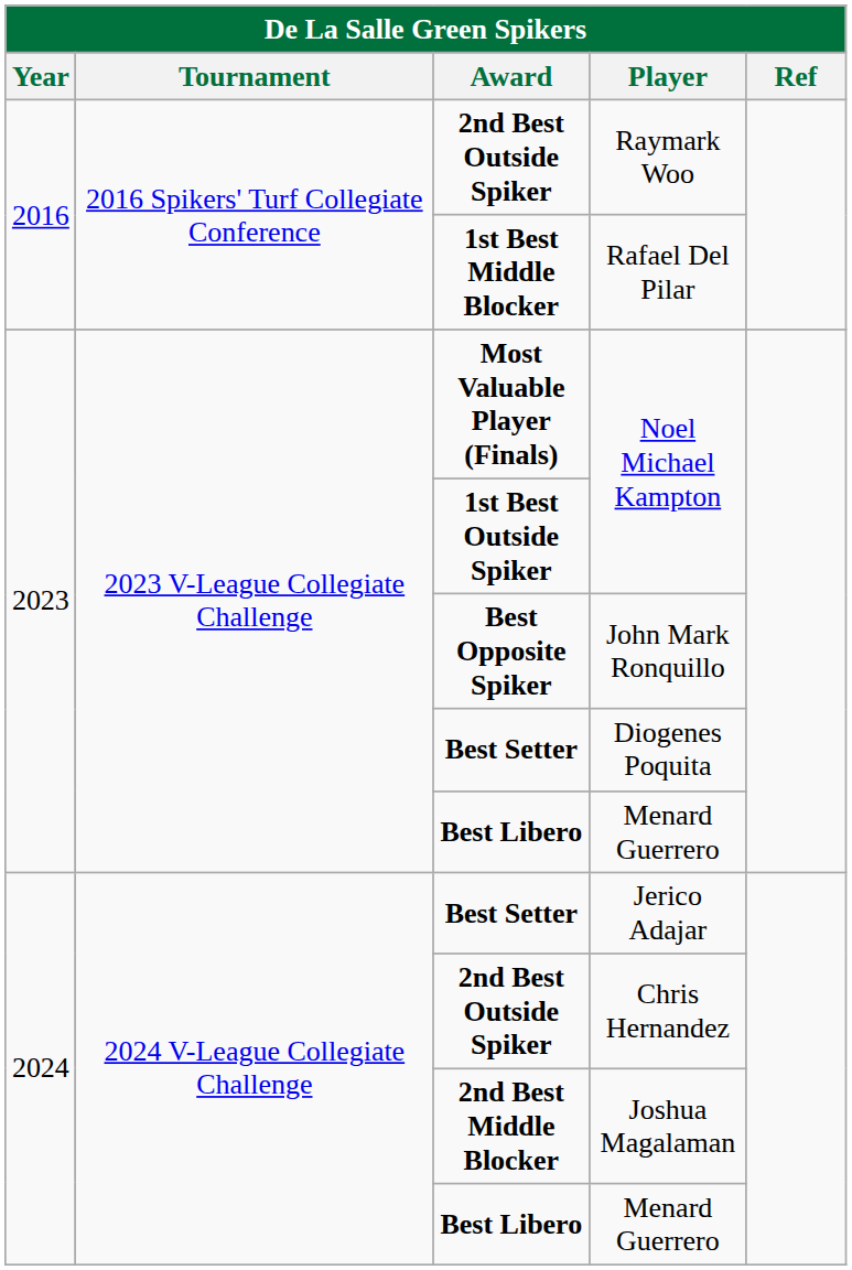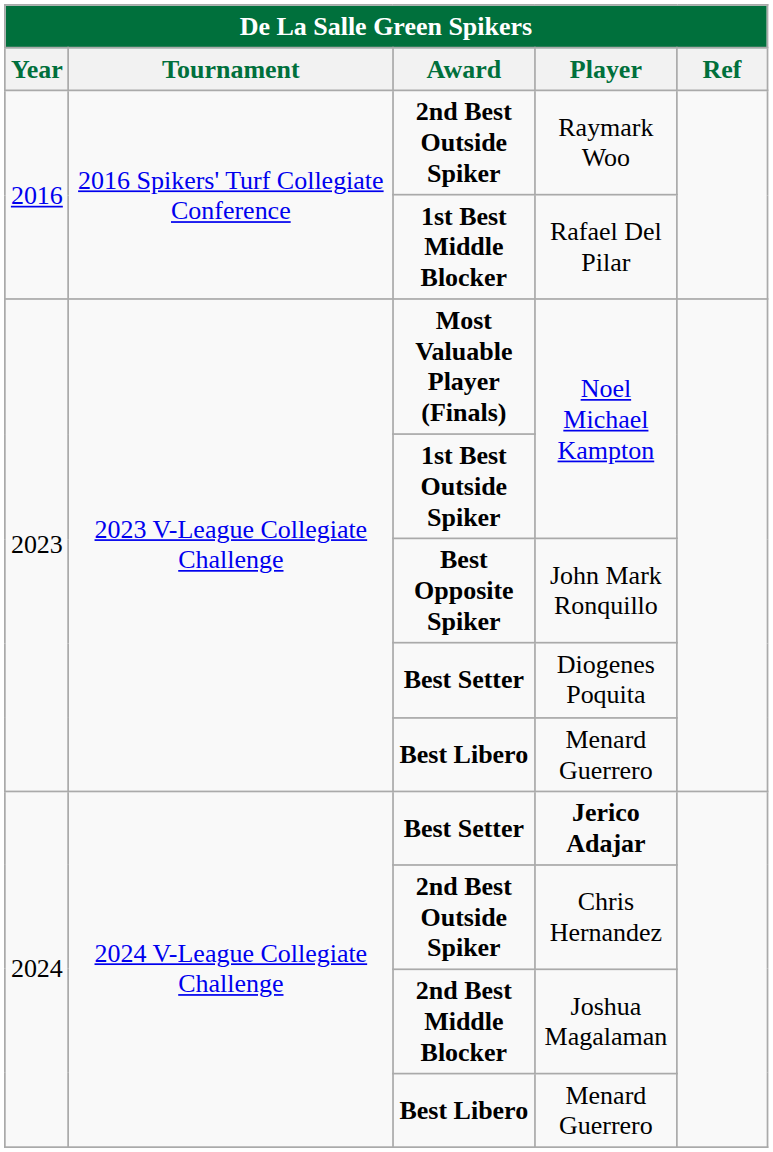 <table class="wikitable sortable" style="font-size:95%; text-align:left;">
 <tr>
 <th colspan="5" style= "background: #00703c; color: white; text-align: center"><strong>De La Salle Green Spikers</strong></th>
 </tr>
 <tr style="background: ffffff; color: #00703c">
 <th style= "align=center; width:1em;">Year</th>
 <th style= "align=center;width:12em;">Tournament</th>
 <th style= "align=center; width:5em;">Award</th>
 <th style= "align=center; width:5em;">Player</th>
 <th style= "align=center; width:3em;">Ref</th>
 </tr>
 <tr align=center>
 <td rowspan=2><a href='#'>2016</a></td>
 <td rowspan=2><a href='#'>2016 Spikers' Turf Collegiate Conference</a></td>
 <td><strong>2nd Best Outside Spiker</strong></td>
 <td>Raymark Woo</td>
 <td rowspan=2></td>
 </tr>
 <tr align=center>
 <td><strong>1st Best Middle Blocker</strong></td>
 <td>Rafael Del Pilar</td>
 </tr>
 <tr align=center>
 <td Rowspan=5>2023</td>
 <td Rowspan=5><a href='#'>2023 V-League Collegiate Challenge</a></td>
 <td><strong>Most Valuable Player (Finals)</strong></td>
 <td rowspan=2><a href='#'>Noel Michael Kampton</a></td>
 <td Rowspan=5></td>
 </tr>
 <tr align=center>
 <td><strong>1st Best Outside Spiker</strong></td>
 </tr>
 <tr align=center>
 <td><strong>Best Opposite Spiker</strong></td>
 <td>John Mark Ronquillo</td>
 </tr>
 <tr align=center>
 <td><strong>Best Setter</strong></td>
 <td>Diogenes Poquita</td>
 </tr>
 <tr align=center>
 <td><strong>Best Libero</strong></td>
 <td>Menard Guerrero</td>
 </tr>
 <tr align=center>
 <td Rowspan=4>2024</td>
 <td Rowspan=4><a href='#'>2024 V-League Collegiate Challenge</a></td>
 <td><strong>Best Setter</strong></td>
-<td>Jerico Adajar</td>
+<td><strong>Jerico Adajar</strong></td>
 <td Rowspan=4></td>
 </tr>
 <tr align=center>
 <td><strong>2nd Best Outside Spiker</strong></td>
 <td>Chris Hernandez</td>
 </tr>
 <tr align=center>
 <td><strong>2nd Best Middle Blocker</strong></td>
 <td>Joshua Magalaman</td>
 </tr>
 <tr align=center>
 <td><strong>Best Libero</strong></td>
 <td>Menard Guerrero</td>
 </tr>
 </table>
